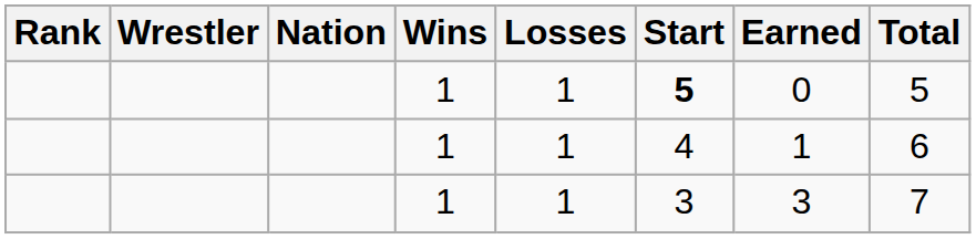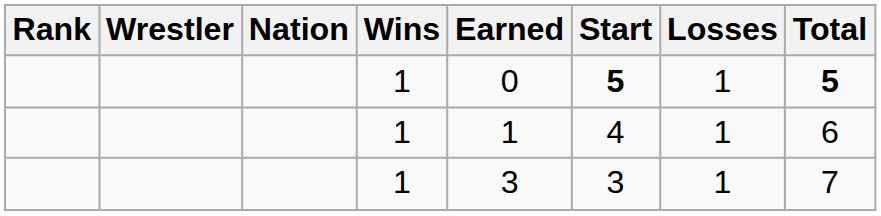 <table class="wikitable sortable" style="text-align:center;">
 <tr>
 <th>Rank</th>
 <th>Wrestler</th>
 <th>Nation</th>
 <th>Wins</th>
+<th>Earned</th>
+<th>Start</th>
 <th>Losses</th>
-<th>Start</th>
-<th>Earned</th>
 <th>Total</th>
 </tr>
 <tr>
 <td></td>
 <td align=left></td>
 <td align=left></td>
 <td>1</td>
+<td>0</td>
+<td><strong>5</strong></td>
 <td>1</td>
 <td><strong>5</strong></td>
-<td>0</td>
-<td>5</td>
 </tr>
 <tr>
 <td></td>
 <td align=left></td>
 <td align=left></td>
 <td>1</td>
 <td>1</td>
 <td>4</td>
 <td>1</td>
 <td>6</td>
 </tr>
 <tr>
 <td></td>
 <td align=left></td>
 <td align=left></td>
 <td>1</td>
-<td>1</td>
 <td>3</td>
 <td>3</td>
+<td>1</td>
 <td>7</td>
 </tr>
 </table>
